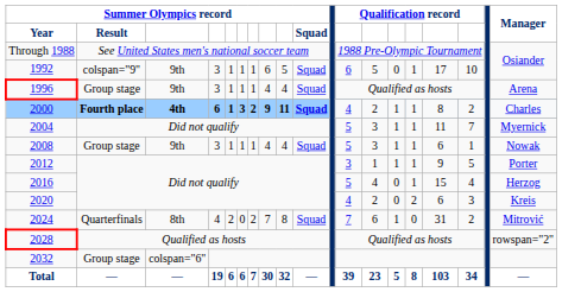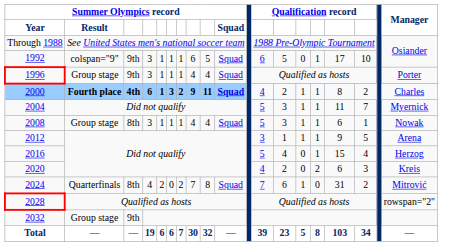 <table class="wikitable" style="text-align: center;font-size:100%;">
 <tr>
 <th colspan="10" style="color:#002868; background:white; "><a href='#'>Summer Olympics</a> record</th>
 <th rowspan="15" style="color:#002868; background:#002868;"></th>
 <th colspan="6" style="color:#002868; background:white; "><a href='#'>Qualification</a> <strong>record</strong></th>
 <th rowspan="15" style="color:#002868; background:#002868;"></th>
 <th rowspan="2" style="color:#002868; background:white; ">Manager</th>
 </tr>
 <tr>
 <th style="color:#002868; background:white; ">Year</th>
 <th style="color:#002868; background:white; ">Result</th>
 <th style="color:#002868; background:white; "></th>
 <th style="color:#002868; background:white; "></th>
 <th style="color:#002868; background:white; "></th>
 <th style="color:#002868; background:white; "></th>
 <th style="color:#002868; background:white; "></th>
 <th style="color:#002868; background:white; "></th>
 <th style="color:#002868; background:white; "></th>
 <th style="color:#002868; background:white; ">Squad</th>
 <th style="color:#002868; background:white; "></th>
 <th style="color:#002868; background:white; "></th>
 <th style="color:#002868; background:white; "></th>
 <th style="color:#002868; background:white; "></th>
 <th style="color:#002868; background:white; "></th>
 <th style="color:#002868; background:white; "></th>
 </tr>
 <tr>
 <td>Through <a href='#'>1988</a></td>
 <td colspan=9><em>See <a href='#'>United States men's national soccer team</a></em></td>
 <td colspan="6"><em><a href='#'>1988 Pre-Olympic Tournament</a></em></td>
 <td rowspan="2"><a href='#'>Osiander</a></td>
 </tr>
 <tr>
 <td align="center"> <a href='#'>1992</a></td>
 <td>colspan="9" </td>
 <td>9th</td>
 <td>3</td>
 <td>1</td>
 <td>1</td>
 <td>1</td>
 <td>6</td>
 <td>5</td>
 <td><a href='#'>Squad</a></td>
 <td><a href='#'>6</a></td>
 <td>5</td>
 <td>0</td>
 <td>1</td>
 <td>17</td>
 <td>10</td>
 </tr>
 <tr>
 <td style="border: 3px solid red" align="center"> <a href='#'>1996</a></td>
 <td>Group stage</td>
 <td>9th</td>
 <td>3</td>
 <td>1</td>
 <td>1</td>
 <td>1</td>
 <td>4</td>
 <td>4</td>
 <td><a href='#'>Squad</a></td>
 <td colspan="6"><em>Qualified as hosts</em></td>
-<td><a href='#'>Arena</a></td>
+<td><a href='#'>Porter</a></td>
 </tr>
 <tr style="background:#9acdff;">
 <td align="center"> <a href='#'>2000</a></td>
 <td><strong>Fourth place</strong></td>
 <td><strong>4th</strong></td>
 <td><strong>6</strong></td>
 <td><strong>1</strong></td>
 <td><strong>3</strong></td>
 <td><strong>2</strong></td>
 <td><strong>9</strong></td>
 <td><strong>11</strong></td>
 <td><strong><a href='#'>Squad</a></strong></td>
 <td bgcolor="#f8f9fa"><a href='#'>4</a></td>
 <td bgcolor="#f8f9fa">2</td>
 <td bgcolor="#f8f9fa">1</td>
 <td bgcolor="#f8f9fa">1</td>
 <td bgcolor="#f8f9fa">8</td>
 <td bgcolor="#f8f9fa">2</td>
 <td bgcolor="#f8f9fa"><a href='#'>Charles</a></td>
 </tr>
 <tr>
 <td align="center"> <a href='#'>2004</a></td>
 <td colspan=9><em>Did not qualify</em></td>
 <td><a href='#'>5</a></td>
 <td>3</td>
 <td>1</td>
 <td>1</td>
 <td>11</td>
 <td>7</td>
 <td><a href='#'>Myernick</a></td>
 </tr>
 <tr>
 <td align="center"> <a href='#'>2008</a></td>
 <td>Group stage</td>
-<td>9th</td>
+<td>8th</td>
 <td>3</td>
 <td>1</td>
 <td>1</td>
 <td>1</td>
 <td>4</td>
 <td>4</td>
 <td><a href='#'>Squad</a></td>
 <td><a href='#'>5</a></td>
 <td>3</td>
 <td>1</td>
 <td>1</td>
 <td>6</td>
 <td>1</td>
 <td><a href='#'>Nowak</a></td>
 </tr>
 <tr>
 <td align="center"> <a href='#'>2012</a></td>
 <td colspan=9 rowspan=3><em>Did not qualify</em></td>
 <td><a href='#'>3</a></td>
 <td>1</td>
 <td>1</td>
 <td>1</td>
 <td>9</td>
 <td>5</td>
-<td><a href='#'>Porter</a></td>
+<td><a href='#'>Arena</a></td>
 </tr>
 <tr>
 <td align="center"> <a href='#'>2016</a></td>
 <td><a href='#'>5</a></td>
 <td>4</td>
 <td>0</td>
 <td>1</td>
 <td>15</td>
 <td>4</td>
 <td><a href='#'>Herzog</a></td>
 </tr>
 <tr>
 <td align="center"> <a href='#'>2020</a></td>
 <td><a href='#'>4</a></td>
 <td>2</td>
 <td>0</td>
 <td>2</td>
 <td>6</td>
 <td>3</td>
 <td><a href='#'>Kreis</a></td>
 </tr>
 <tr>
 <td align="center"> <a href='#'>2024</a></td>
 <td>Quarterfinals</td>
 <td>8th</td>
 <td>4</td>
 <td>2</td>
 <td>0</td>
 <td>2</td>
 <td>7</td>
 <td>8</td>
 <td><a href='#'>Squad</a></td>
 <td><a href='#'>7</a></td>
 <td>6</td>
 <td>1</td>
 <td>0</td>
 <td>31</td>
 <td>2</td>
 <td><a href='#'>Mitrović</a></td>
 </tr>
 <tr>
 <td style="border: 3px solid red" align="center"> <a href='#'>2028</a></td>
 <td colspan="9"><em>Qualified as hosts</em></td>
 <td colspan="6"><em>Qualified as hosts</em></td>
 <td>rowspan="2" </td>
 </tr>
 <tr>
 <td> <a href='#'>2032</a></td>
 <td>Group stage</td>
-<td>colspan="6" </td>
+<td>9th</td>
 </tr>
 <tr>
 <th style="color:#002868; background:white; ">Total</th>
 <th style="color:#002868; background:white; ">—</th>
 <th style="color:#002868; background:white; ">—</th>
 <th style="color:#002868; background:white; ">19</th>
 <th style="color:#002868; background:white; ">6</th>
 <th style="color:#002868; background:white; ">6</th>
 <th style="color:#002868; background:white; ">7</th>
 <th style="color:#002868; background:white; ">30</th>
 <th style="color:#002868; background:white; ">32</th>
 <th style="color:#002868; background:white; ">—</th>
 <th style="color:#002868; background:white; ">39</th>
 <th style="color:#002868; background:white; ">23</th>
 <th style="color:#002868; background:white; ">5</th>
 <th style="color:#002868; background:white; ">8</th>
 <th style="color:#002868; background:white; ">103</th>
 <th style="color:#002868; background:white; ">34</th>
 <th style="color:#002868; background:white; ">—</th>
 </tr>
 </table>
